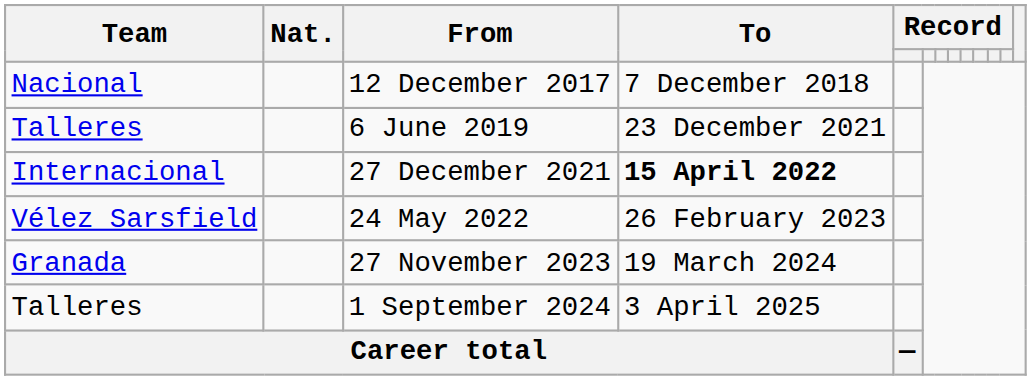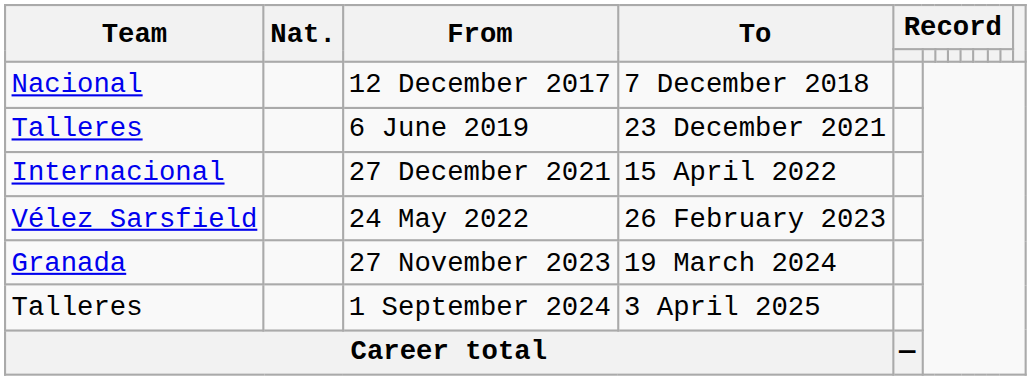 <table class="wikitable" style="text-align: center">
 <tr>
 <th rowspan="2">Team</th>
 <th rowspan="2">Nat.</th>
 <th rowspan="2">From</th>
 <th rowspan="2">To</th>
 <th colspan="8">Record</th>
 <th rowspan=2></th>
 </tr>
 <tr>
 <th></th>
 <th></th>
 <th></th>
 <th></th>
 <th></th>
 <th></th>
 <th></th>
 <th></th>
 </tr>
 <tr>
 <td align="left"><a href='#'>Nacional</a></td>
 <td></td>
 <td align=left>12 December 2017</td>
 <td align=left>7 December 2018<br></td>
 <td></td>
 </tr>
 <tr>
 <td align="left"><a href='#'>Talleres</a></td>
 <td></td>
 <td align=left>6 June 2019</td>
 <td align=left>23 December 2021<br></td>
 <td></td>
 </tr>
 <tr>
 <td align="left"><a href='#'>Internacional</a></td>
 <td></td>
 <td align=left>27 December 2021</td>
-<td align=left><strong>15 April 2022<br></strong></td>
+<td align=left>15 April 2022<br></td>
 <td></td>
 </tr>
 <tr>
 <td align="left"><a href='#'>Vélez Sarsfield</a></td>
 <td></td>
 <td align=left>24 May 2022</td>
 <td align=left>26 February 2023<br></td>
 <td></td>
 </tr>
 <tr>
 <td align="left"><a href='#'>Granada</a></td>
 <td></td>
 <td align=left>27 November 2023</td>
 <td align=left>19 March 2024<br></td>
 <td></td>
 </tr>
 <tr>
 <td align="left">Talleres</td>
 <td></td>
 <td align=left>1 September 2024</td>
 <td align=left>3 April 2025<br></td>
 <td></td>
 </tr>
 <tr>
 <th colspan=4><strong>Career total</strong><br></th>
 <th>—</th>
 </tr>
 </table>
